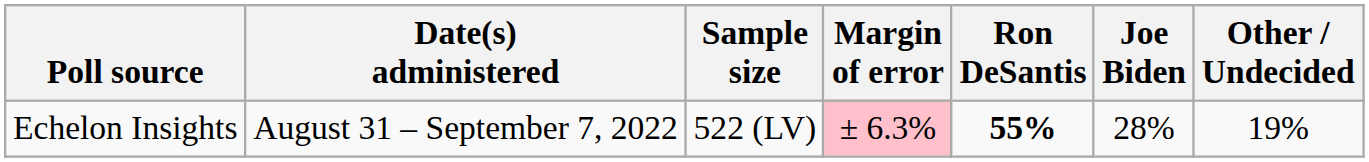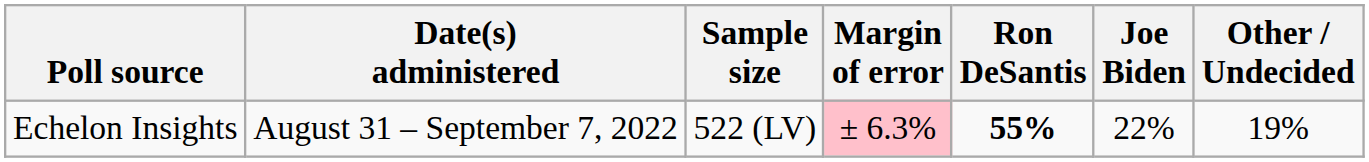 <table class="wikitable sortable mw-datatable" style="font-size:90%;text-align:center;line-height:17px">
 <tr valign=bottom>
 <th>Poll source</th>
 <th>Date(s)<br>administered</th>
 <th>Sample<br>size</th>
 <th>Margin<br>of error</th>
 <th class="unsortable">Ron<br>DeSantis<br></th>
 <th class="unsortable">Joe<br>Biden<br></th>
 <th class="unsortable">Other /<br>Undecided</th>
 </tr>
 <tr>
 <td style="text-align:left;">Echelon Insights</td>
 <td data-sort-value="2022-09-07">August 31 – September 7, 2022</td>
 <td>522 (LV)</td>
 <td style="background: pink;">± 6.3%</td>
 <td style="background-color:"><strong>55%</strong></td>
-<td>28%</td>
+<td>22%</td>
 <td>19%</td>
 </tr>
 </table>
